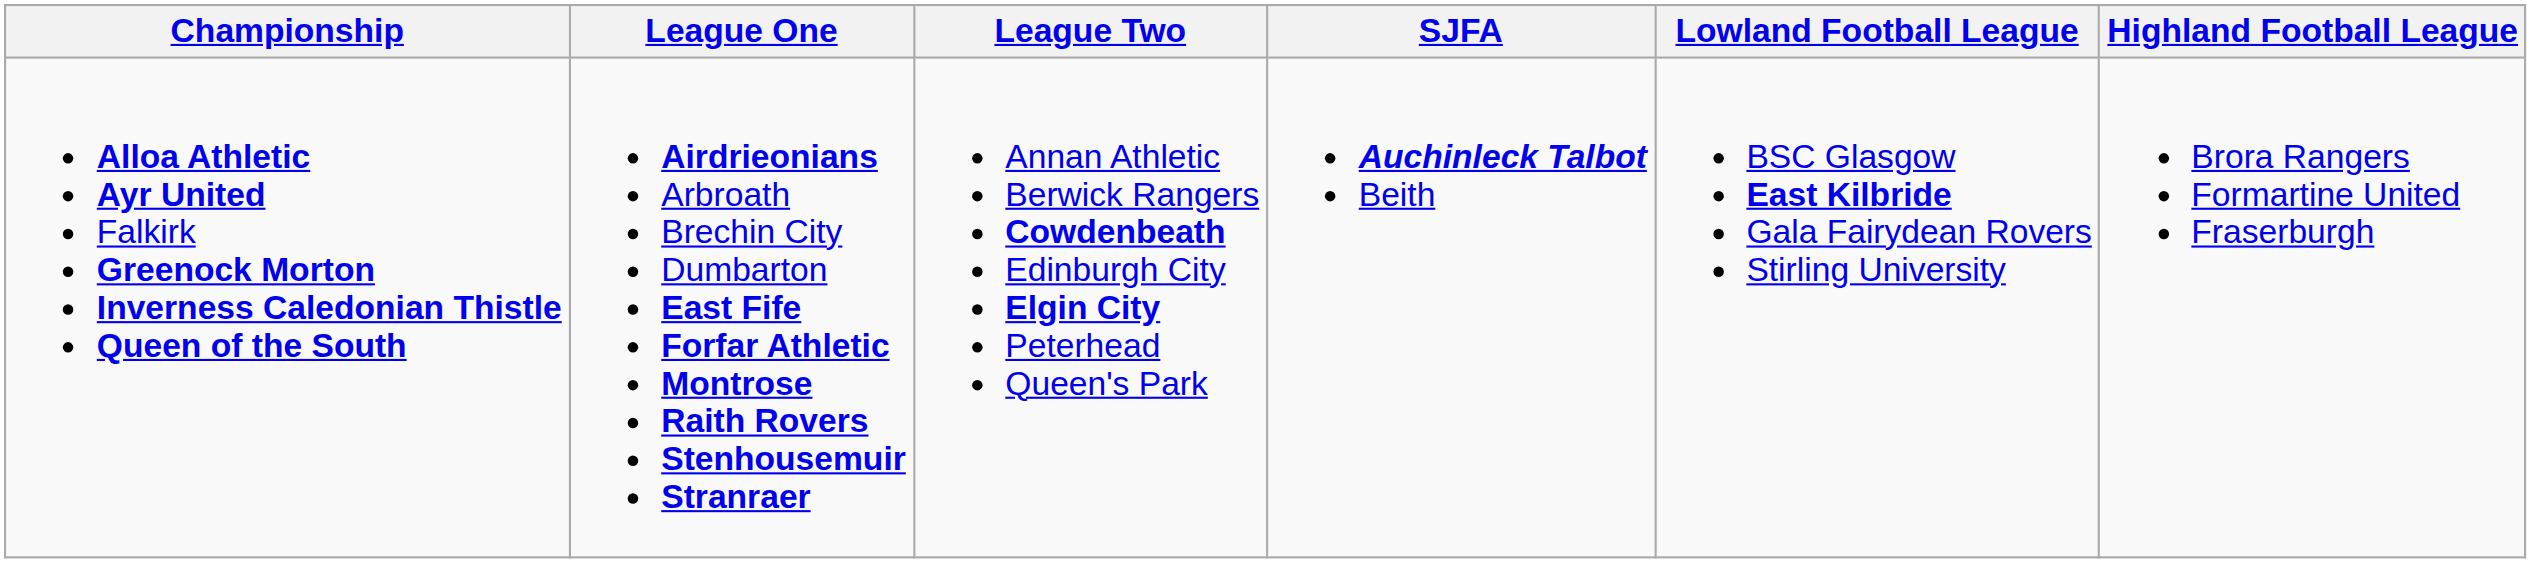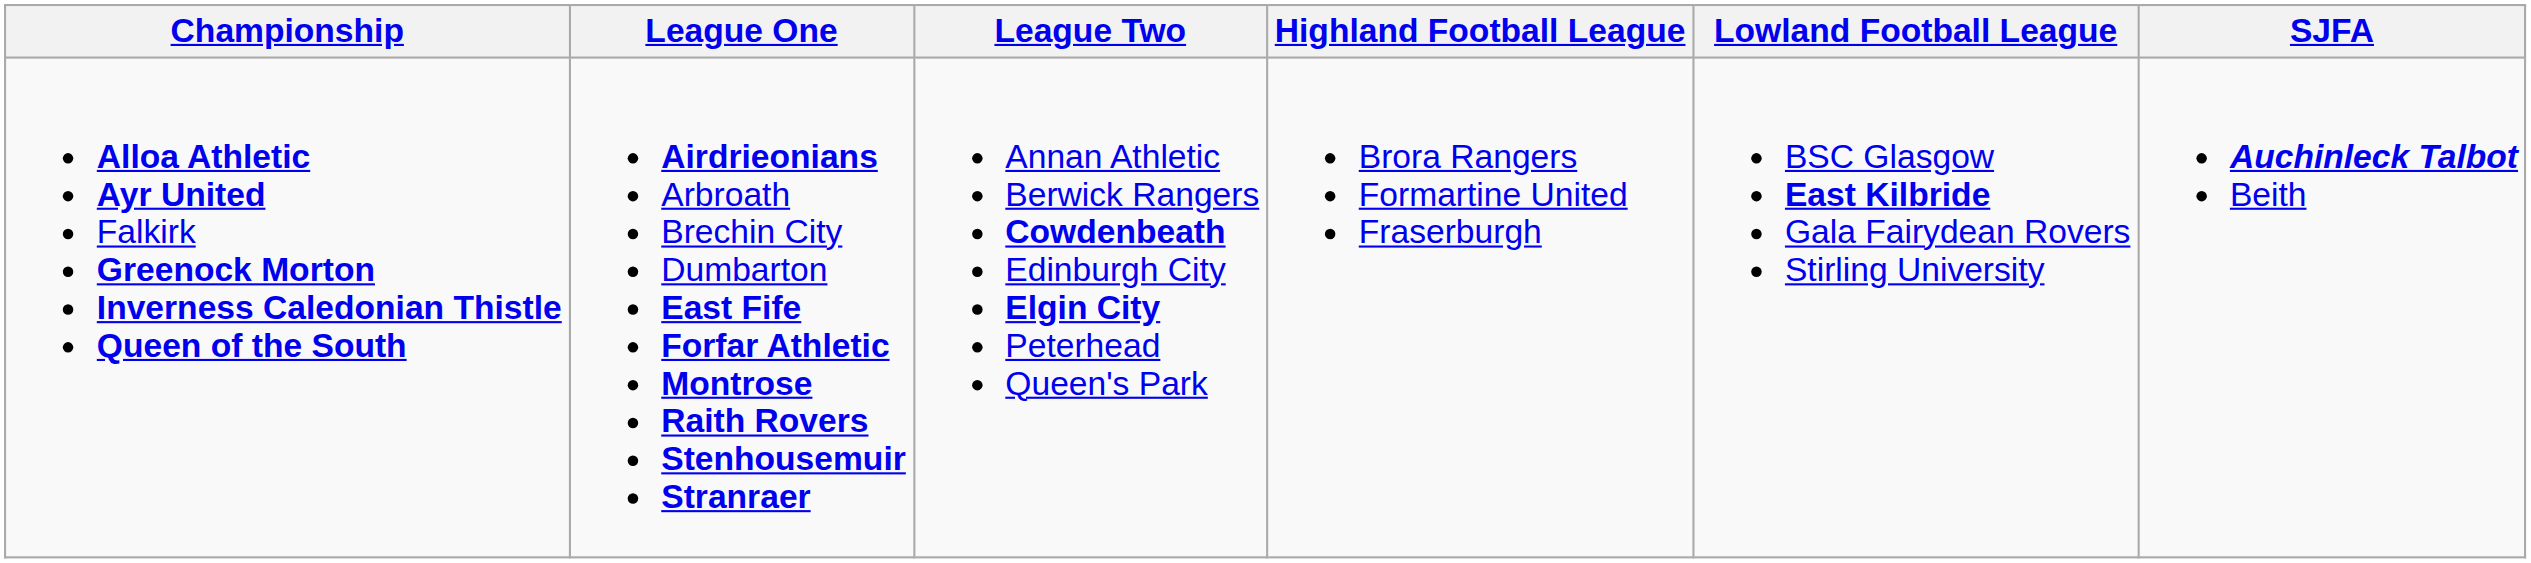 <table class="wikitable" style="text-align:left">
 <tr>
 <th><a href='#'>Championship</a></th>
 <th><a href='#'>League One</a></th>
 <th><a href='#'>League Two</a></th>
+<th><a href='#'>Highland Football League</a></th>
+<th><a href='#'>Lowland Football League</a></th>
 <th><a href='#'>SJFA</a></th>
-<th><a href='#'>Lowland Football League</a></th>
-<th><a href='#'>Highland Football League</a></th>
 </tr>
 <tr>
 <td valign=top><br><ul><li><strong><a href='#'>Alloa Athletic</a></strong></li><li><strong><a href='#'>Ayr United</a></strong></li><li><a href='#'>Falkirk</a></li><li><strong><a href='#'>Greenock Morton</a></strong></li><li><strong><a href='#'>Inverness Caledonian Thistle</a></strong></li><li><strong><a href='#'>Queen of the South</a></strong></li></ul></td>
 <td valign=top><br><ul><li><strong><a href='#'>Airdrieonians</a></strong></li><li><a href='#'>Arbroath</a></li><li><a href='#'>Brechin City</a></li><li><a href='#'>Dumbarton</a></li><li><strong><a href='#'>East Fife</a></strong></li><li><strong><a href='#'>Forfar Athletic</a></strong></li><li><strong><a href='#'>Montrose</a></strong></li><li><strong><a href='#'>Raith Rovers</a></strong></li><li><strong><a href='#'>Stenhousemuir</a></strong></li><li><strong><a href='#'>Stranraer</a></strong></li></ul></td>
 <td valign=top><br><ul><li><a href='#'>Annan Athletic</a></li><li><a href='#'>Berwick Rangers</a></li><li><strong><a href='#'>Cowdenbeath</a></strong></li><li><a href='#'>Edinburgh City</a></li><li><strong><a href='#'>Elgin City</a></strong></li><li><a href='#'>Peterhead</a></li><li><a href='#'>Queen's Park</a></li></ul></td>
+<td valign=top><br><ul><li><a href='#'>Brora Rangers</a></li><li><a href='#'>Formartine United</a></li><li><a href='#'>Fraserburgh</a></li></ul></td>
+<td valign=top><br><ul><li><a href='#'>BSC Glasgow</a></li><li><strong><a href='#'>East Kilbride</a></strong></li><li><a href='#'>Gala Fairydean Rovers</a></li><li><a href='#'>Stirling University</a></li></ul></td>
 <td valign=top><br><ul><li><strong><em><a href='#'>Auchinleck Talbot</a></em></strong></li><li><a href='#'>Beith</a></li></ul></td>
-<td valign=top><br><ul><li><a href='#'>BSC Glasgow</a></li><li><strong><a href='#'>East Kilbride</a></strong></li><li><a href='#'>Gala Fairydean Rovers</a></li><li><a href='#'>Stirling University</a></li></ul></td>
-<td valign=top><br><ul><li><a href='#'>Brora Rangers</a></li><li><a href='#'>Formartine United</a></li><li><a href='#'>Fraserburgh</a></li></ul></td>
 </tr>
 </table>
